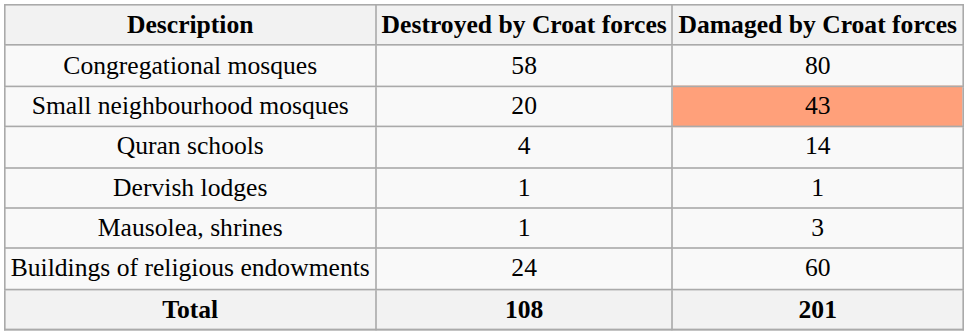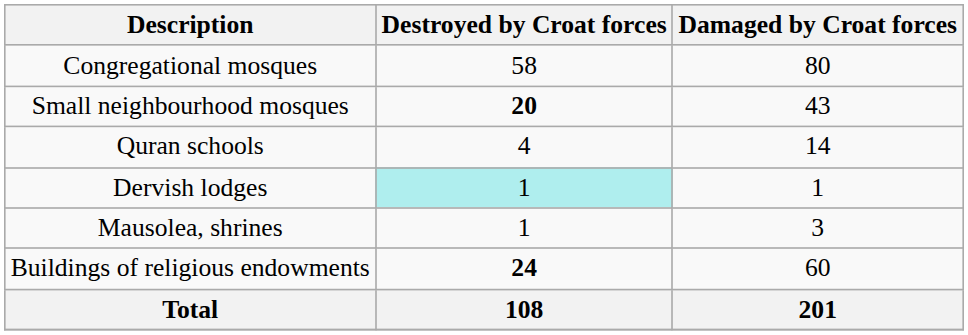 <table class="wikitable" style="text-align:center">
 <tr>
 <th>Description</th>
 <th>Destroyed by Croat forces</th>
 <th>Damaged by Croat forces</th>
 </tr>
 <tr>
 <td>Congregational mosques</td>
 <td>58</td>
 <td>80</td>
 </tr>
 <tr>
 <td>Small neighbourhood mosques</td>
-<td>20</td>
-<td style="background: lightsalmon;">43</td>
+<td><strong>20</strong></td>
+<td>43</td>
 </tr>
 <tr>
 <td>Quran schools</td>
 <td>4</td>
 <td>14</td>
 </tr>
 <tr>
 <td>Dervish lodges</td>
-<td>1</td>
+<td style="background: paleturquoise;">1</td>
 <td>1</td>
 </tr>
 <tr>
 <td>Mausolea, shrines</td>
 <td>1</td>
 <td>3</td>
 </tr>
 <tr>
 <td>Buildings of religious endowments</td>
-<td>24</td>
+<td><strong>24</strong></td>
 <td>60</td>
 </tr>
 <tr bgcolor="#e0e0e0">
 <th align="left">Total</th>
 <th colspan="1">108</th>
 <th colspan="1">201</th>
 </tr>
 <tr>
 </tr>
 </table>
